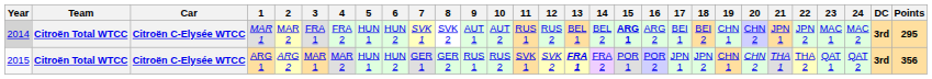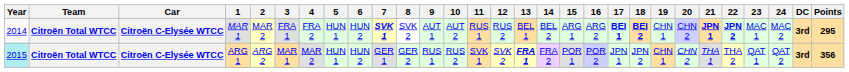 <table class="wikitable" style="text-align:center; font-size:85%">
 <tr>
 <th>Year</th>
 <th>Team</th>
 <th>Car</th>
 <th>1</th>
 <th>2</th>
 <th>3</th>
 <th>4</th>
 <th>5</th>
 <th>6</th>
 <th>7</th>
 <th>8</th>
 <th>9</th>
 <th>10</th>
 <th>11</th>
 <th>12</th>
 <th>13</th>
 <th>14</th>
 <th>15</th>
 <th>16</th>
 <th>17</th>
 <th>18</th>
 <th>19</th>
 <th>20</th>
 <th>21</th>
 <th>22</th>
 <th>23</th>
 <th>24</th>
 <th>DC</th>
 <th>Points</th>
 </tr>
 <tr>
-<td style="background: lightgrey;"><a href='#'>2014</a></td>
+<td><a href='#'>2014</a></td>
 <th nowrap><a href='#'>Citroën Total WTCC</a></th>
 <th nowrap><a href='#'>Citroën C-Elysée WTCC</a></th>
 <td style="background:#DFDFDF;"><em><a href='#'>MAR<br>1</a></em><br></td>
 <td style="background:#FFFFBF;"><a href='#'>MAR<br>2</a><br></td>
 <td style="background:#DFDFDF;"><a href='#'>FRA<br>1</a><br></td>
 <td style="background:#DFFFDF;"><a href='#'>FRA<br>2</a><br></td>
 <td style="background:#DFFFDF;"><a href='#'>HUN<br>1</a><br></td>
 <td style="background:#DFFFDF;"><a href='#'>HUN<br>2</a><br></td>
-<td style="background:#FFFFBF;"><em><a href='#'>SVK<br>1</a></em><br></td>
+<td style="background:#FFFFBF;"><strong><em><a href='#'>SVK<br>1</a></em><br></strong></td>
 <td style="background:#FFFFFF;"><a href='#'>SVK<br>2</a><br></td>
 <td style="background:#DFFFDF;"><a href='#'>AUT<br>1</a><br></td>
 <td style="background:#DFFFDF;"><a href='#'>AUT<br>2</a><br></td>
 <td style="background:#FFDF9F;"><a href='#'>RUS<br>1</a><br></td>
 <td style="background:#DFFFDF;"><a href='#'>RUS<br>2</a><br></td>
 <td style="background:#FFDF9F;"><a href='#'>BEL<br>1</a><br></td>
 <td style="background:#DFFFDF;"><a href='#'>BEL<br>2</a><br></td>
-<td style="background:#DFFFDF;"><strong><a href='#'>ARG<br>1</a><br></strong></td>
+<td style="background:#DFFFDF;"><a href='#'>ARG<br>1</a><br></td>
 <td style="background:#DFFFDF;"><a href='#'>ARG<br>2</a><br></td>
-<td style="background:#DFFFDF;"><a href='#'>BEI<br>1</a><br></td>
-<td style="background:#FFDF9F;"><a href='#'>BEI<br>2</a><br></td>
+<td style="background:#DFFFDF;"><strong><a href='#'>BEI<br>1</a><br></strong></td>
+<td style="background:#FFDF9F;"><strong><a href='#'>BEI<br>2</a><br></strong></td>
 <td style="background:#DFFFDF;"><a href='#'>CHN<br>1</a><br></td>
 <td style="background:#CFCFFF;"><a href='#'>CHN<br>2</a><br></td>
-<td style="background:#FFDF9F;"><a href='#'>JPN<br>1</a><br></td>
-<td style="background:#DFFFDF;"><a href='#'>JPN<br>2</a><br></td>
+<td style="background:#FFDF9F;"><strong><a href='#'>JPN<br>1</a><br></strong></td>
+<td style="background:#DFFFDF;"><strong><a href='#'>JPN<br>2</a><br></strong></td>
 <td style="background:#DFFFDF;"><a href='#'>MAC<br>1</a><br></td>
 <td style="background:#DFFFDF;"><a href='#'>MAC<br>2</a><br></td>
 <td style="background:#FFDF9F;"><strong>3rd</strong></td>
 <td style="background:#FFDF9F;"><strong>295</strong></td>
 </tr>
 <tr>
-<td><a href='#'>2015</a></td>
+<td style="background: paleturquoise;"><a href='#'>2015</a></td>
 <th nowrap><a href='#'>Citroën Total WTCC</a></th>
 <th nowrap><a href='#'>Citroën C-Elysée WTCC</a></th>
 <td style="background:#FFDF9F;"><a href='#'>ARG<br>1</a><br></td>
 <td style="background:#FFFFBF;"><em><a href='#'>ARG<br>2</a></em><br></td>
 <td style="background:#FFDF9F;"><a href='#'>MAR<br>1</a><br></td>
 <td style="background:#DFDFDF;"><a href='#'>MAR<br>2</a><br></td>
 <td style="background:#DFFFDF;"><a href='#'>HUN<br>1</a><br></td>
 <td style="background:#DFFFDF;"><a href='#'>HUN<br>2</a><br></td>
 <td style="background:#DFDFDF;"><a href='#'>GER<br>1</a><br></td>
 <td style="background:#DFFFDF;"><a href='#'>GER<br>2</a><br></td>
 <td style="background:#DFFFDF;"><a href='#'>RUS<br>1</a><br></td>
 <td style="background:#DFFFDF;"><a href='#'>RUS<br>2</a><br></td>
 <td style="background:#FFDF9F;"><a href='#'>SVK<br>1</a><br></td>
 <td style="background:#FFFFBF;"><em><a href='#'>SVK<br>2</a></em><br></td>
 <td style="background:#FFFFBF;"><strong><em><a href='#'>FRA<br>1</a></em></strong><br></td>
 <td style="background:#EFCFFF;"><a href='#'>FRA<br>2</a><br></td>
 <td style="background:#DFDFDF;"><a href='#'>POR<br>1</a><br></td>
 <td style="background:#CFCFFF;"><a href='#'>POR<br>2</a><br></td>
 <td style="background:#DFFFDF;"><a href='#'>JPN<br>1</a><br></td>
 <td style="background:#DFFFDF;"><a href='#'>JPN<br>2</a><br></td>
 <td style="background:#FFDF9F;"><a href='#'>CHN<br>1</a><br></td>
 <td style="background:#DFFFDF;"><em><a href='#'>CHN<br>2</a></em><br></td>
 <td style="background:#DFDFDF;"><em><a href='#'>THA<br>1</a></em><br></td>
 <td style="background:#FFFFBF;"><a href='#'>THA<br>2</a><br></td>
 <td style="background:#DFFFDF;"><a href='#'>QAT<br>1</a><br></td>
 <td style="background:#DFFFDF;"><a href='#'>QAT<br>2</a><br></td>
 <th style="background:#FFDF9F;">3rd</th>
 <th style="background:#FFDF9F;">356</th>
 </tr>
 </table>
